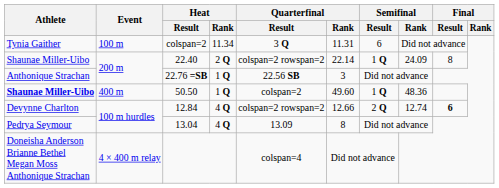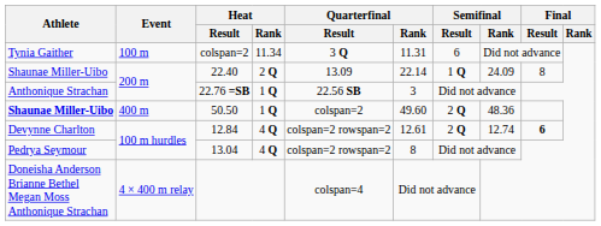 <table class="wikitable" style="font-size:90%">
 <tr>
 <th rowspan="2">Athlete</th>
 <th rowspan="2">Event</th>
 <th colspan="2">Heat</th>
 <th colspan="2">Quarterfinal</th>
 <th colspan="2">Semifinal</th>
 <th colspan="2">Final</th>
 </tr>
 <tr style="font-size:95%">
 <th>Result</th>
 <th>Rank</th>
 <th>Result</th>
 <th>Rank</th>
 <th>Result</th>
 <th>Rank</th>
 <th>Result</th>
 <th>Rank</th>
 </tr>
 <tr align=center>
 <td align="left"><a href='#'>Tynia Gaither</a></td>
 <td align=left><a href='#'>100 m</a></td>
 <td>colspan=2 </td>
 <td>11.34</td>
 <td>3 <strong>Q</strong></td>
 <td>11.31</td>
 <td>6</td>
 <td colspan="2">Did not advance</td>
 </tr>
 <tr align="center">
 <td align="left"><a href='#'>Shaunae Miller-Uibo</a></td>
 <td align="left" rowspan="2"><a href='#'>200 m</a></td>
 <td>22.40</td>
 <td>2 <strong>Q</strong></td>
-<td>colspan=2 rowspan=2 </td>
+<td>13.09</td>
 <td>22.14</td>
 <td>1 <strong>Q</strong></td>
 <td>24.09</td>
 <td>8</td>
 </tr>
 <tr align="center">
 <td align="left"><a href='#'>Anthonique Strachan</a></td>
 <td>22.76 <strong>=SB</strong></td>
 <td>1 <strong>Q</strong></td>
 <td>22.56 <strong>SB</strong></td>
 <td>3</td>
 <td colspan="2">Did not advance</td>
 </tr>
 <tr align=center>
 <td align=left><strong><a href='#'>Shaunae Miller-Uibo</a></strong></td>
 <td align=left><a href='#'>400 m</a></td>
 <td>50.50</td>
 <td>1 <strong>Q</strong></td>
 <td>colspan=2 </td>
 <td>49.60</td>
-<td>1 <strong>Q</strong></td>
+<td>2 <strong>Q</strong></td>
 <td>48.36 <strong></strong></td>
 <td></td>
 </tr>
 <tr align="center">
 <td align="left"><a href='#'>Devynne Charlton</a></td>
 <td rowspan="2" align="left"><a href='#'>100 m hurdles</a></td>
 <td>12.84</td>
 <td>4 <strong>Q</strong></td>
 <td>colspan=2 rowspan=2 </td>
-<td>12.66</td>
+<td>12.61</td>
 <td>2 <strong>Q</strong></td>
 <td>12.74</td>
 <td><strong>6</strong></td>
 </tr>
 <tr align="center">
 <td align="left"><a href='#'>Pedrya Seymour</a></td>
 <td>13.04</td>
 <td>4 <strong>Q</strong></td>
-<td>13.09</td>
+<td>colspan=2 rowspan=2 </td>
 <td>8</td>
 <td colspan="2">Did not advance</td>
 </tr>
 <tr align=center>
 <td align=left><a href='#'>Doneisha Anderson</a><br><a href='#'>Brianne Bethel</a><br><a href='#'>Megan Moss</a><br><a href='#'>Anthonique Strachan</a></td>
 <td align=left><a href='#'>4 × 400 m relay</a></td>
 <td colspan=2></td>
 <td>colspan=4 </td>
 <td colspan="2">Did not advance</td>
 </tr>
 </table>
